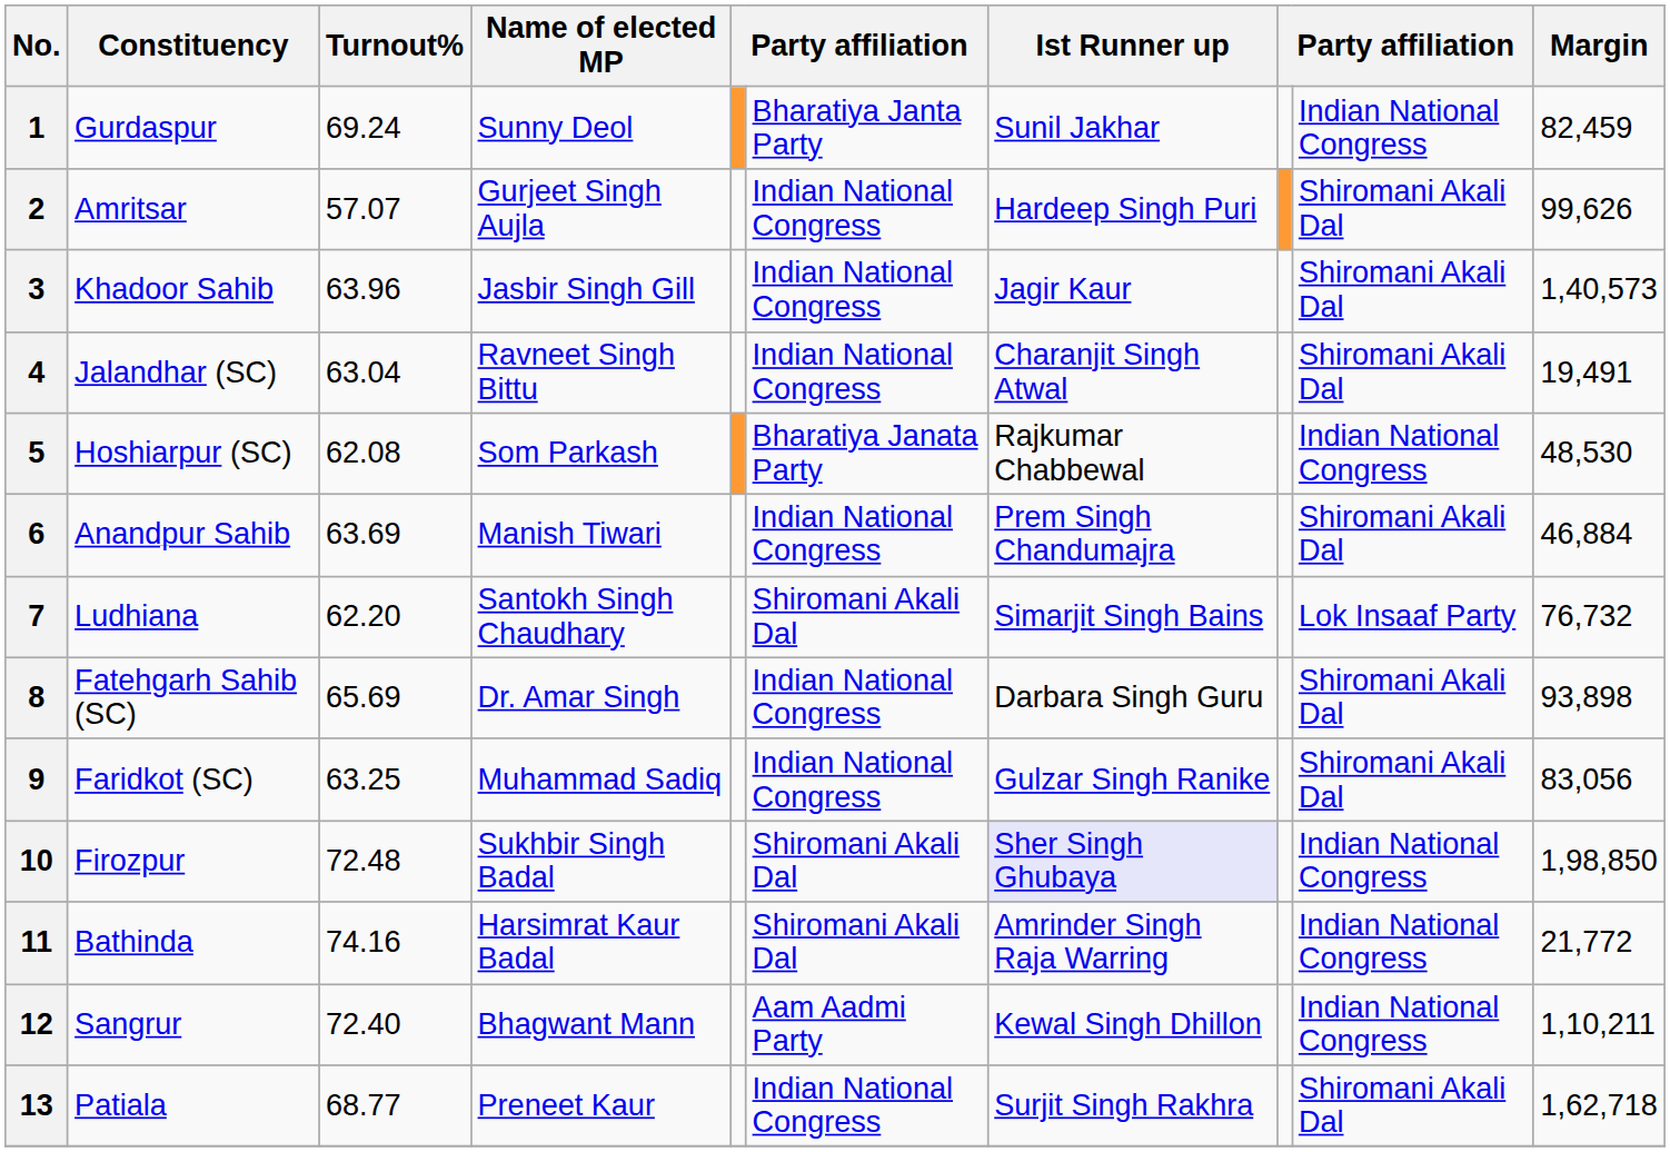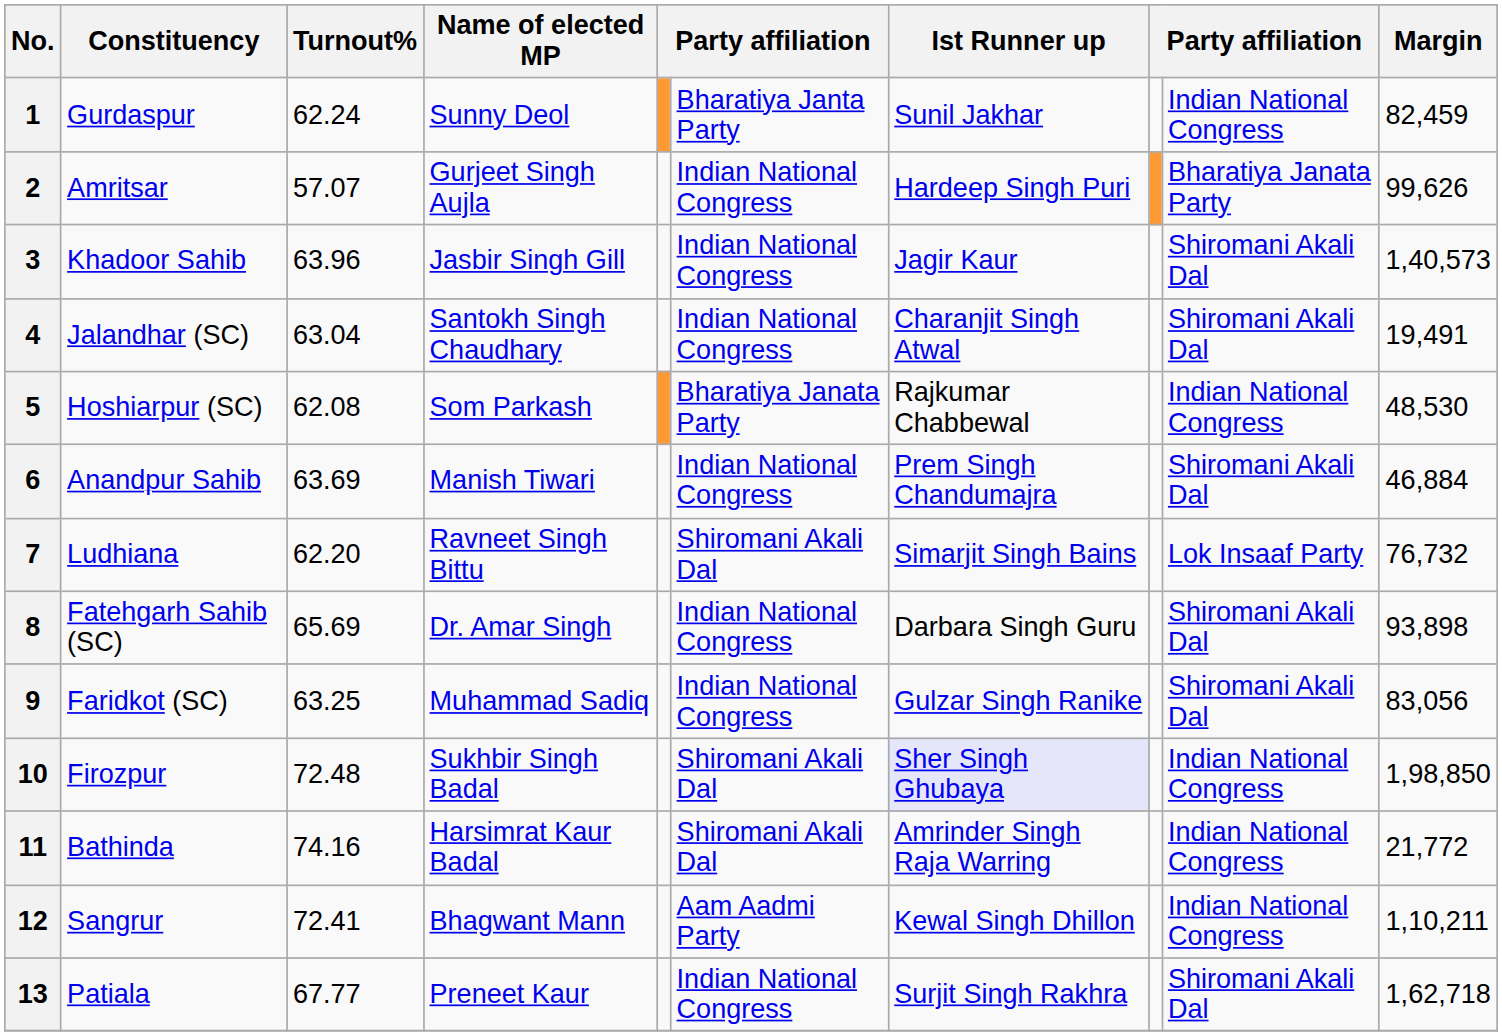 <table class="wikitable sortable plainrowheaders" style="margin:auto; margin:auto;">
 <tr>
 <th>No.</th>
 <th>Constituency</th>
 <th>Turnout%</th>
 <th>Name of elected MP</th>
 <th colspan="2">Party affiliation</th>
 <th>Ist Runner up</th>
 <th colspan="2">Party affiliation</th>
 <th>Margin</th>
 </tr>
 <tr>
 <th>1</th>
 <td><a href='#'>Gurdaspur</a></td>
-<td>69.24 </td>
+<td>62.24 </td>
 <td><a href='#'>Sunny Deol</a></td>
 <td style="color:inherit;background:#FF9933"></td>
 <td><a href='#'>Bharatiya Janta Party</a></td>
 <td><a href='#'>Sunil Jakhar</a></td>
 <td></td>
 <td><a href='#'>Indian National Congress</a></td>
 <td>82,459</td>
 </tr>
 <tr>
 <th>2</th>
 <td><a href='#'>Amritsar</a></td>
 <td>57.07 </td>
 <td><a href='#'>Gurjeet Singh Aujla</a></td>
 <td></td>
 <td><a href='#'>Indian National Congress</a></td>
 <td><a href='#'>Hardeep Singh Puri</a></td>
 <td style="color:inherit;background:#FF9933"></td>
-<td><a href='#'>Shiromani Akali Dal</a></td>
+<td><a href='#'>Bharatiya Janata Party</a></td>
 <td>99,626</td>
 </tr>
 <tr>
 <th>3</th>
 <td><a href='#'>Khadoor Sahib</a></td>
 <td>63.96 </td>
 <td><a href='#'>Jasbir Singh Gill</a></td>
 <td></td>
 <td><a href='#'>Indian National Congress</a></td>
 <td><a href='#'>Jagir Kaur</a></td>
 <td></td>
 <td><a href='#'>Shiromani Akali Dal</a></td>
 <td>1,40,573</td>
 </tr>
 <tr>
 <th>4</th>
 <td><a href='#'>Jalandhar</a> (SC)</td>
 <td>63.04 </td>
-<td><a href='#'>Ravneet Singh Bittu</a></td>
+<td><a href='#'>Santokh Singh Chaudhary</a></td>
 <td></td>
 <td><a href='#'>Indian National Congress</a></td>
 <td><a href='#'>Charanjit Singh Atwal</a></td>
 <td></td>
 <td><a href='#'>Shiromani Akali Dal</a></td>
 <td>19,491</td>
 </tr>
 <tr>
 <th>5</th>
 <td><a href='#'>Hoshiarpur</a> (SC)</td>
 <td>62.08 </td>
 <td><a href='#'>Som Parkash</a></td>
 <td style="color:inherit;background:#FF9933"></td>
 <td><a href='#'>Bharatiya Janata Party</a></td>
 <td>Rajkumar Chabbewal</td>
 <td></td>
 <td><a href='#'>Indian National Congress</a></td>
 <td>48,530</td>
 </tr>
 <tr>
 <th>6</th>
 <td><a href='#'>Anandpur Sahib</a></td>
 <td>63.69 </td>
 <td><a href='#'>Manish Tiwari</a></td>
 <td></td>
 <td><a href='#'>Indian National Congress</a></td>
 <td><a href='#'>Prem Singh Chandumajra</a></td>
 <td></td>
 <td><a href='#'>Shiromani Akali Dal</a></td>
 <td>46,884</td>
 </tr>
 <tr>
 <th>7</th>
 <td><a href='#'>Ludhiana</a></td>
 <td>62.20 </td>
-<td><a href='#'>Santokh Singh Chaudhary</a></td>
+<td><a href='#'>Ravneet Singh Bittu</a></td>
 <td></td>
 <td><a href='#'>Shiromani Akali Dal</a></td>
 <td><a href='#'>Simarjit Singh Bains</a></td>
 <td></td>
 <td><a href='#'>Lok Insaaf Party</a></td>
 <td>76,732</td>
 </tr>
 <tr>
 <th>8</th>
 <td><a href='#'>Fatehgarh Sahib</a> (SC)</td>
 <td>65.69 </td>
 <td><a href='#'>Dr. Amar Singh</a></td>
 <td></td>
 <td><a href='#'>Indian National Congress</a></td>
 <td>Darbara Singh Guru</td>
 <td></td>
 <td><a href='#'>Shiromani Akali Dal</a></td>
 <td>93,898</td>
 </tr>
 <tr>
 <th>9</th>
 <td><a href='#'>Faridkot</a> (SC)</td>
 <td>63.25 </td>
 <td><a href='#'>Muhammad Sadiq</a></td>
 <td></td>
 <td><a href='#'>Indian National Congress</a></td>
 <td><a href='#'>Gulzar Singh Ranike</a></td>
 <td></td>
 <td><a href='#'>Shiromani Akali Dal</a></td>
 <td>83,056</td>
 </tr>
 <tr>
 <th>10</th>
 <td><a href='#'>Firozpur</a></td>
 <td>72.48 </td>
 <td><a href='#'>Sukhbir Singh Badal</a></td>
 <td></td>
 <td><a href='#'>Shiromani Akali Dal</a></td>
 <td style="background: lavender;"><a href='#'>Sher Singh Ghubaya</a></td>
 <td></td>
 <td><a href='#'>Indian National Congress</a></td>
 <td>1,98,850</td>
 </tr>
 <tr>
 <th>11</th>
 <td><a href='#'>Bathinda</a></td>
 <td>74.16 </td>
 <td><a href='#'>Harsimrat Kaur Badal</a></td>
 <td></td>
 <td><a href='#'>Shiromani Akali Dal</a></td>
 <td><a href='#'>Amrinder Singh Raja Warring</a></td>
 <td></td>
 <td><a href='#'>Indian National Congress</a></td>
 <td>21,772</td>
 </tr>
 <tr>
 <th>12</th>
 <td><a href='#'>Sangrur</a></td>
-<td>72.40 </td>
+<td>72.41 </td>
 <td><a href='#'>Bhagwant Mann</a></td>
 <td></td>
 <td><a href='#'>Aam Aadmi Party</a></td>
 <td><a href='#'>Kewal Singh Dhillon</a></td>
 <td></td>
 <td><a href='#'>Indian National Congress</a></td>
 <td>1,10,211</td>
 </tr>
 <tr>
 <th>13</th>
 <td><a href='#'>Patiala</a></td>
-<td>68.77 </td>
+<td>67.77 </td>
 <td><a href='#'>Preneet Kaur</a></td>
 <td></td>
 <td><a href='#'>Indian National Congress</a></td>
 <td><a href='#'>Surjit Singh Rakhra</a></td>
 <td></td>
 <td><a href='#'>Shiromani Akali Dal</a></td>
 <td>1,62,718</td>
 </tr>
 <tr>
 </tr>
 </table>
